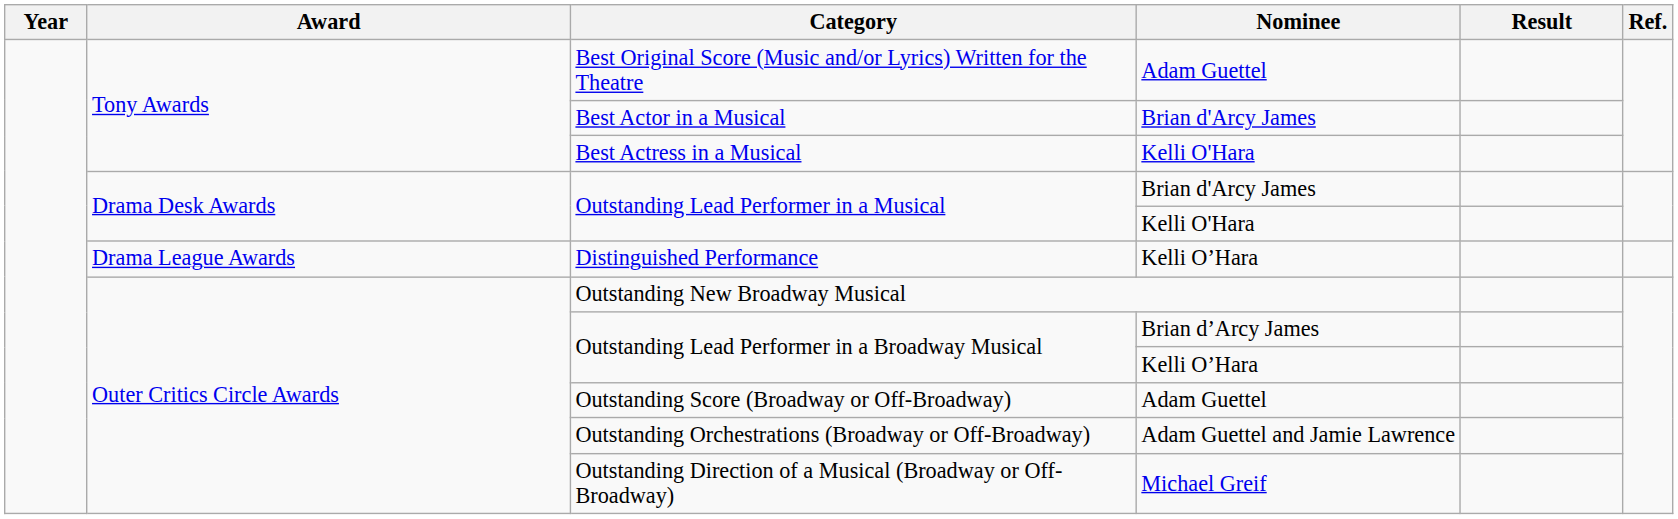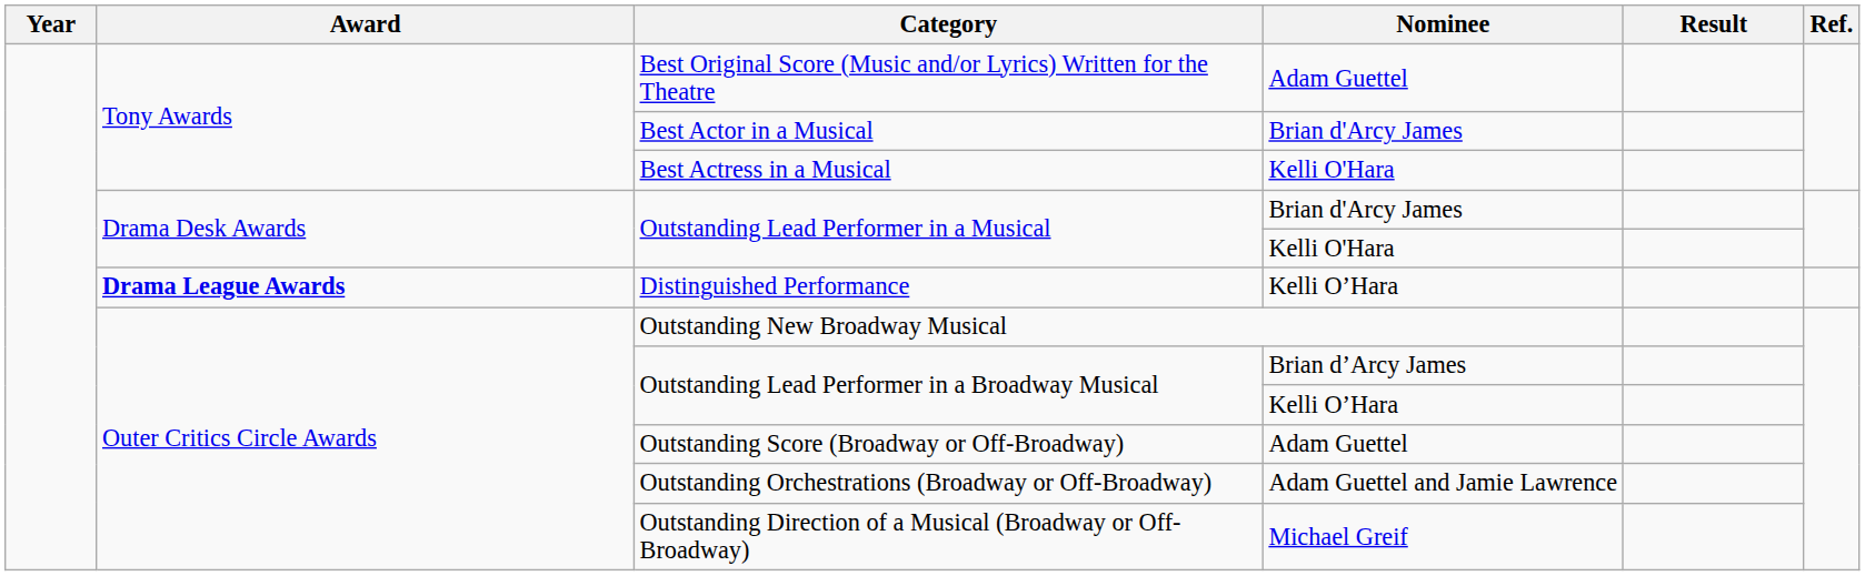 <table class="wikitable" width="95%">
 <tr>
 <th width="5%">Year</th>
 <th width="30%">Award</th>
 <th width="35%">Category</th>
 <th width="20%">Nominee</th>
 <th width="10%">Result</th>
 <th class=unsortable>Ref.</th>
 </tr>
 <tr>
 <td rowspan="12"></td>
 <td rowspan="3"><a href='#'>Tony Awards</a></td>
 <td><a href='#'>Best Original Score (Music and/or Lyrics) Written for the Theatre</a></td>
 <td><a href='#'>Adam Guettel</a></td>
 <td></td>
 <td rowspan="3"></td>
 </tr>
 <tr>
 <td><a href='#'>Best Actor in a Musical</a></td>
 <td><a href='#'>Brian d'Arcy James</a></td>
 <td></td>
 </tr>
 <tr>
 <td><a href='#'>Best Actress in a Musical</a></td>
 <td><a href='#'>Kelli O'Hara</a></td>
 <td></td>
 </tr>
 <tr>
 <td rowspan="2"><a href='#'>Drama Desk Awards</a></td>
 <td rowspan="2"><a href='#'>Outstanding Lead Performer in a Musical</a></td>
 <td>Brian d'Arcy James</td>
 <td></td>
 <td rowspan="2"></td>
 </tr>
 <tr>
 <td>Kelli O'Hara</td>
 <td></td>
 </tr>
 <tr>
-<td rowspan="1"><a href='#'>Drama League Awards</a></td>
+<td rowspan="1"><strong><a href='#'>Drama League Awards</a></strong></td>
 <td><a href='#'>Distinguished Performance</a></td>
 <td>Kelli O’Hara</td>
 <td></td>
 <td></td>
 </tr>
 <tr>
 <td rowspan=6><a href='#'>Outer Critics Circle Awards</a></td>
 <td colspan="2">Outstanding New Broadway Musical</td>
 <td></td>
 <td rowspan="6"></td>
 </tr>
 <tr>
 <td rowspan=2>Outstanding Lead Performer in a Broadway Musical</td>
 <td>Brian d’Arcy James</td>
 <td></td>
 </tr>
 <tr>
 <td>Kelli O’Hara</td>
 <td></td>
 </tr>
 <tr>
 <td colspan=1>Outstanding Score (Broadway or Off-Broadway)</td>
 <td>Adam Guettel</td>
 <td></td>
 </tr>
 <tr>
 <td colspan=1>Outstanding Orchestrations (Broadway or Off-Broadway)</td>
 <td>Adam Guettel and Jamie Lawrence</td>
 <td></td>
 </tr>
 <tr>
 <td colspan=1>Outstanding Direction of a Musical (Broadway or Off-Broadway)</td>
 <td><a href='#'>Michael Greif</a></td>
 <td></td>
 </tr>
 </table>
